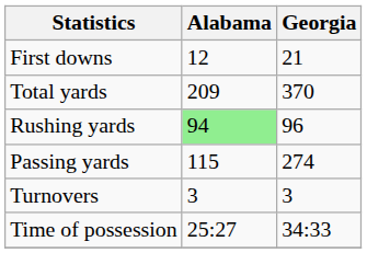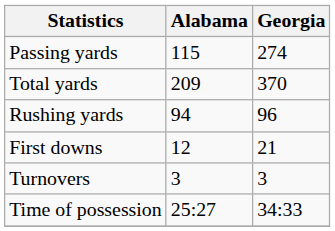 <table class="wikitable" style="float: left;">
 <tr>
 <th>Statistics</th>
 <th>Alabama</th>
 <th>Georgia</th>
 </tr>
 <tr>
-<td>First downs</td>
-<td>12</td>
-<td>21</td>
+<td>Passing yards</td>
+<td>115</td>
+<td>274</td>
 </tr>
 <tr>
 <td>Total yards</td>
 <td>209</td>
 <td>370</td>
 </tr>
 <tr>
 <td>Rushing yards</td>
-<td style="background: lightgreen;">94</td>
+<td>94</td>
 <td>96</td>
 </tr>
 <tr>
-<td>Passing yards</td>
-<td>115</td>
-<td>274</td>
+<td>First downs</td>
+<td>12</td>
+<td>21</td>
 </tr>
 <tr>
 <td>Turnovers</td>
 <td>3</td>
 <td>3</td>
 </tr>
 <tr>
 <td>Time of possession</td>
 <td>25:27</td>
 <td>34:33</td>
 </tr>
 <tr>
 </tr>
 </table>
